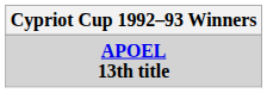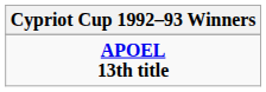 <table class="wikitable" style="text-align:center;margin: 0 auto;">
 <tr>
 <th>Cypriot Cup 1992–93 Winners</th>
 </tr>
 <tr>
 </tr>
 <tr>
-<td style="background: lightgrey;"><strong><a href='#'>APOEL</a></strong><br><strong>13th title</strong></td>
+<td><strong><a href='#'>APOEL</a></strong><br><strong>13th title</strong></td>
 </tr>
 </table>
